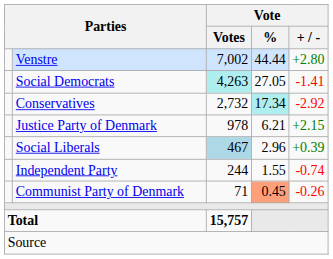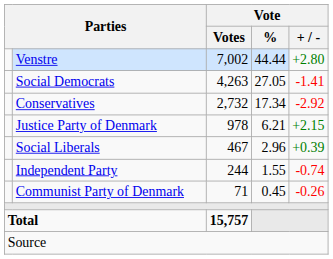 <table class="wikitable" style="text-align:right;">
 <tr>
 <th style="text-align:centre;" rowspan="2" colspan="2" width="225">Parties</th>
 <th colspan="3">Vote</th>
 </tr>
 <tr>
 <th width="15">Votes</th>
 <th width="15">%</th>
 <th width="15">+ / -</th>
 </tr>
 <tr>
 <td width="2" style="color:inherit;background:"></td>
 <td bgcolor=#cfe5fe  align="left"><a href='#'>Venstre</a></td>
 <td bgcolor=#cfe5fe>7,002</td>
 <td bgcolor=#cfe5fe>44.44</td>
 <td style=color:green;>+2.80</td>
 </tr>
 <tr>
 <td width="2" style="color:inherit;background:"></td>
 <td align="left"><a href='#'>Social Democrats</a></td>
-<td style="background: paleturquoise;">4,263</td>
+<td>4,263</td>
 <td>27.05</td>
 <td style=color:red;>-1.41</td>
 </tr>
 <tr>
 <td width="2" style="color:inherit;background:"></td>
 <td align="left"><a href='#'>Conservatives</a></td>
 <td>2,732</td>
-<td style="background: paleturquoise;">17.34</td>
+<td>17.34</td>
 <td style=color:red;>-2.92</td>
 </tr>
 <tr>
 <td width="2" style="color:inherit;background:"></td>
 <td align="left"><a href='#'>Justice Party of Denmark</a></td>
 <td>978</td>
 <td>6.21</td>
 <td style=color:green;>+2.15</td>
 </tr>
 <tr>
 <td width="2" style="color:inherit;background:"></td>
 <td align="left"><a href='#'>Social Liberals</a></td>
-<td style="background: lightblue;">467</td>
+<td>467</td>
 <td>2.96</td>
 <td style=color:green;>+0.39</td>
 </tr>
 <tr>
 <td width="2" style="color:inherit;background:"></td>
 <td align="left"><a href='#'>Independent Party</a></td>
 <td>244</td>
 <td>1.55</td>
 <td style=color:red;>-0.74</td>
 </tr>
 <tr>
 <td width="2" style="color:inherit;background:"></td>
 <td align="left"><a href='#'>Communist Party of Denmark</a></td>
 <td>71</td>
-<td style="background: lightsalmon;">0.45</td>
+<td>0.45</td>
 <td style=color:red;>-0.26</td>
 </tr>
 <tr>
 <td colspan="7" bgcolor="#E9E9E9"></td>
 </tr>
 <tr>
 <td align="left" colspan="2"><strong>Total</strong></td>
 <td><strong>15,757</strong></td>
 <td bgcolor="#E9E9E9" colspan="2"></td>
 </tr>
 <tr>
 <td align="left" colspan="6">Source</td>
 </tr>
 </table>
